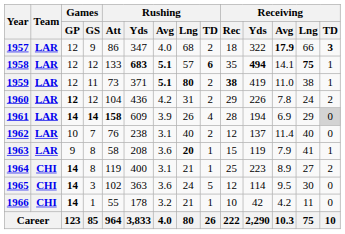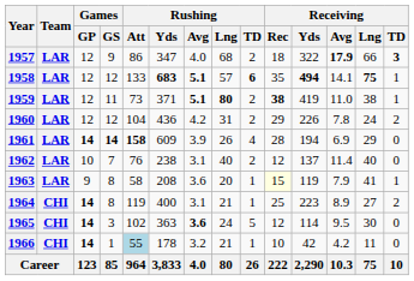 <table class=wikitable style="text-align:center">
 <tr>
 <th rowspan="2">Year</th>
 <th rowspan="2">Team</th>
 <th colspan="2">Games</th>
 <th colspan="5">Rushing</th>
 <th colspan="5">Receiving</th>
 </tr>
 <tr>
 <th>GP</th>
 <th>GS</th>
 <th>Att</th>
 <th>Yds</th>
 <th>Avg</th>
 <th>Lng</th>
 <th>TD</th>
 <th>Rec</th>
 <th>Yds</th>
 <th>Avg</th>
 <th>Lng</th>
 <th>TD</th>
 </tr>
 <tr>
 <th><a href='#'>1957</a></th>
 <th><a href='#'>LAR</a></th>
 <td>12</td>
 <td>9</td>
 <td>86</td>
 <td>347</td>
 <td>4.0</td>
 <td>68</td>
 <td>2</td>
 <td>18</td>
 <td>322</td>
 <td><strong>17.9</strong></td>
 <td>66</td>
 <td><strong>3</strong></td>
 </tr>
 <tr>
 <th><a href='#'>1958</a></th>
 <th><a href='#'>LAR</a></th>
 <td>12</td>
 <td>12</td>
 <td>133</td>
 <td><strong>683</strong></td>
 <td><strong>5.1</strong></td>
 <td>57</td>
 <td><strong>6</strong></td>
 <td>35</td>
 <td><strong>494</strong></td>
 <td>14.1</td>
 <td><strong>75</strong></td>
 <td>1</td>
 </tr>
 <tr>
 <th><a href='#'>1959</a></th>
 <th><a href='#'>LAR</a></th>
 <td>12</td>
 <td>11</td>
 <td>73</td>
 <td>371</td>
 <td><strong>5.1</strong></td>
 <td><strong>80</strong></td>
 <td>2</td>
 <td><strong>38</strong></td>
 <td>419</td>
 <td>11.0</td>
 <td>38</td>
 <td>1</td>
 </tr>
 <tr>
 <th><a href='#'>1960</a></th>
 <th><a href='#'>LAR</a></th>
-<td><strong>12</strong></td>
+<td>12</td>
 <td>12</td>
 <td>104</td>
 <td>436</td>
 <td>4.2</td>
 <td>31</td>
 <td>2</td>
 <td>29</td>
 <td>226</td>
 <td>7.8</td>
 <td>24</td>
 <td>2</td>
 </tr>
 <tr>
 <th><a href='#'>1961</a></th>
 <th><a href='#'>LAR</a></th>
 <td><strong>14</strong></td>
 <td><strong>14</strong></td>
 <td><strong>158</strong></td>
 <td>609</td>
 <td>3.9</td>
 <td>26</td>
 <td>4</td>
 <td>28</td>
 <td>194</td>
 <td>6.9</td>
 <td>29</td>
-<td style="background: lightgrey;">0</td>
+<td>0</td>
 </tr>
 <tr>
 <th><a href='#'>1962</a></th>
 <th><a href='#'>LAR</a></th>
 <td>10</td>
 <td>7</td>
 <td>76</td>
 <td>238</td>
 <td>3.1</td>
 <td>40</td>
 <td>2</td>
 <td>12</td>
 <td>137</td>
 <td>11.4</td>
 <td>40</td>
 <td>0</td>
 </tr>
 <tr>
 <th><a href='#'>1963</a></th>
 <th><a href='#'>LAR</a></th>
 <td>9</td>
 <td>8</td>
 <td>58</td>
 <td>208</td>
 <td>3.6</td>
-<td><strong>20</strong></td>
+<td>20</td>
 <td>1</td>
-<td>15</td>
+<td style="background: lightyellow;">15</td>
 <td>119</td>
 <td>7.9</td>
 <td>41</td>
 <td>1</td>
 </tr>
 <tr>
 <th><a href='#'>1964</a></th>
 <th><a href='#'>CHI</a></th>
 <td><strong>14</strong></td>
 <td>8</td>
 <td>119</td>
 <td>400</td>
 <td>3.1</td>
 <td>21</td>
 <td>1</td>
 <td>25</td>
 <td>223</td>
 <td>8.9</td>
 <td>27</td>
 <td>2</td>
 </tr>
 <tr>
 <th><a href='#'>1965</a></th>
 <th><a href='#'>CHI</a></th>
 <td><strong>14</strong></td>
 <td>3</td>
 <td>102</td>
 <td>363</td>
-<td>3.6</td>
+<td><strong>3.6</strong></td>
 <td>24</td>
 <td>5</td>
 <td>12</td>
 <td>114</td>
 <td>9.5</td>
 <td>30</td>
 <td>0</td>
 </tr>
 <tr>
 <th><a href='#'>1966</a></th>
 <th><a href='#'>CHI</a></th>
 <td><strong>14</strong></td>
 <td>1</td>
-<td>55</td>
+<td style="background: lightblue;">55</td>
 <td>178</td>
 <td>3.2</td>
 <td>21</td>
 <td>1</td>
 <td>10</td>
 <td>42</td>
 <td>4.2</td>
 <td>11</td>
 <td>0</td>
 </tr>
 <tr>
 <th colspan="2">Career</th>
 <th>123</th>
 <th>85</th>
 <th>964</th>
 <th>3,833</th>
 <th>4.0</th>
 <th>80</th>
 <th>26</th>
 <th>222</th>
 <th>2,290</th>
 <th>10.3</th>
 <th>75</th>
 <th>10</th>
 </tr>
 </table>
